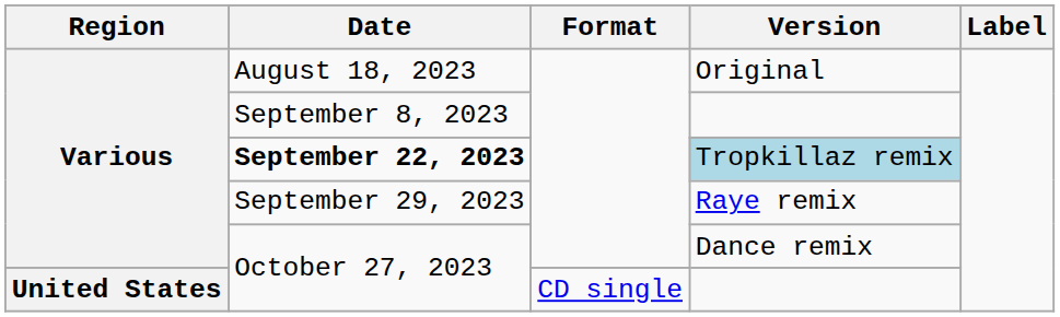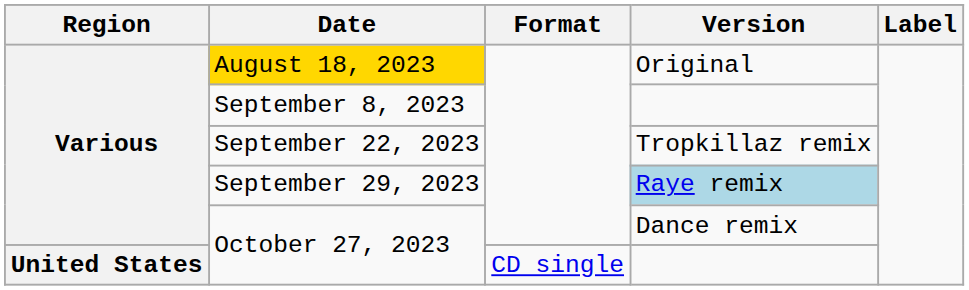 <table class="wikitable plainrowheaders">
 <tr>
 <th scope="col">Region</th>
 <th scope="col">Date</th>
 <th scope="col">Format</th>
 <th scope="col">Version</th>
 <th scope="col">Label</th>
 </tr>
 <tr>
 <th scope="row" rowspan="5">Various </th>
-<td>August 18, 2023</td>
+<td style="background: gold;">August 18, 2023</td>
 <td rowspan="5"></td>
 <td>Original</td>
 <td rowspan="6"></td>
 </tr>
 <tr>
 <td>September 8, 2023</td>
 <td></td>
 </tr>
 <tr>
-<td><strong>September 22, 2023</strong></td>
-<td style="background: lightblue;">Tropkillaz remix</td>
+<td>September 22, 2023</td>
+<td>Tropkillaz remix</td>
 </tr>
 <tr>
 <td>September 29, 2023</td>
-<td><a href='#'>Raye</a> remix</td>
+<td style="background: lightblue;"><a href='#'>Raye</a> remix</td>
 </tr>
 <tr>
 <td rowspan="2">October 27, 2023</td>
 <td>Dance remix</td>
 </tr>
 <tr>
 <th rowspan="2" scope="row">United States</th>
 <td><a href='#'>CD single</a></td>
 <td></td>
 </tr>
 </table>
